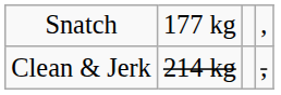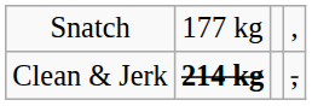 <table class = "wikitable" style="text-align:center;">
 <tr>
 <td>Snatch</td>
 <td>177 kg</td>
 <td align=left></td>
 <td>, </td>
 </tr>
 <tr>
 <td>Clean & Jerk</td>
-<td><s>214 kg</s></td>
+<td><strong><s>214 kg</s></strong></td>
 <td align=left><s></s></td>
 <td><s>, </s></td>
 </tr>
 </table>
